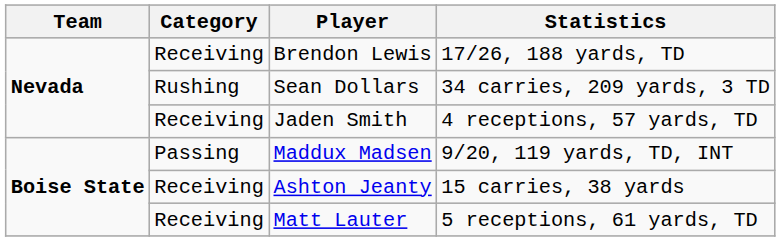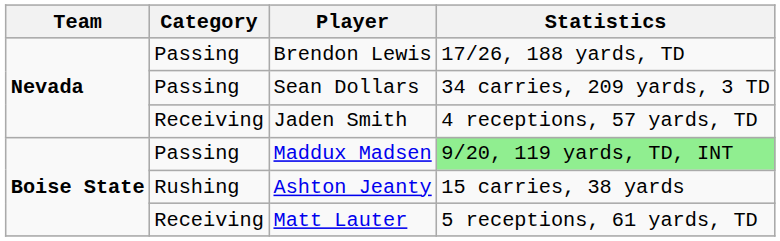 <table class="wikitable" style="float: right;">
 <tr>
 <th>Team</th>
 <th>Category</th>
 <th>Player</th>
 <th>Statistics</th>
 </tr>
 <tr>
 <td rowspan=3><strong>Nevada</strong></td>
-<td>Receiving</td>
+<td>Passing</td>
 <td>Brendon Lewis</td>
 <td>17/26, 188 yards, TD</td>
 </tr>
 <tr>
-<td>Rushing</td>
+<td>Passing</td>
 <td>Sean Dollars</td>
 <td>34 carries, 209 yards, 3 TD</td>
 </tr>
 <tr>
 <td>Receiving</td>
 <td>Jaden Smith</td>
 <td>4 receptions, 57 yards, TD</td>
 </tr>
 <tr>
 <td rowspan=3><strong>Boise State</strong></td>
 <td>Passing</td>
 <td><a href='#'>Maddux Madsen</a></td>
-<td>9/20, 119 yards, TD, INT</td>
+<td style="background: lightgreen;">9/20, 119 yards, TD, INT</td>
 </tr>
 <tr>
-<td>Receiving</td>
+<td>Rushing</td>
 <td><a href='#'>Ashton Jeanty</a></td>
 <td>15 carries, 38 yards</td>
 </tr>
 <tr>
 <td>Receiving</td>
 <td><a href='#'>Matt Lauter</a></td>
 <td>5 receptions, 61 yards, TD</td>
 </tr>
 </table>
